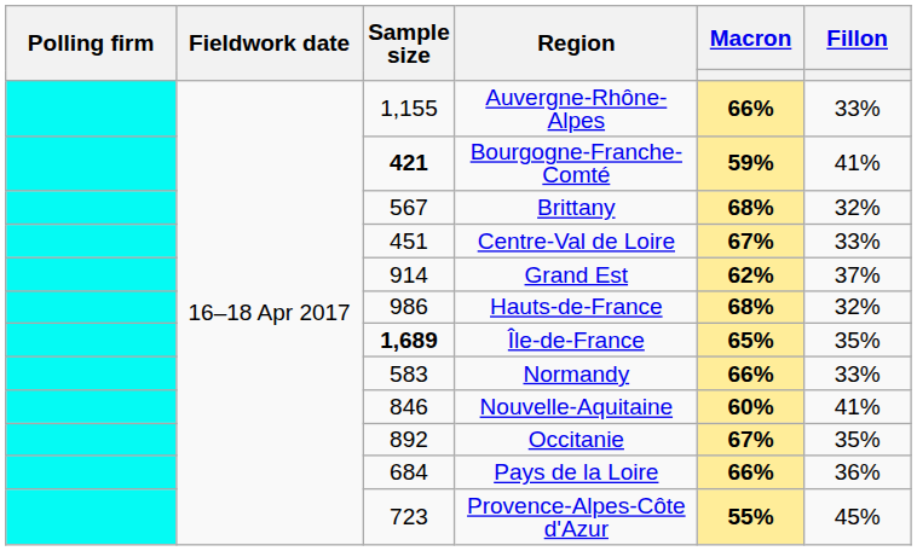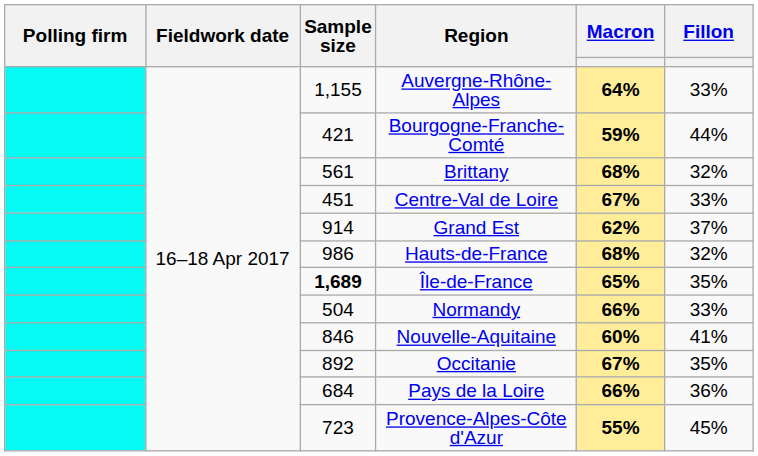 <table class="wikitable sortable" style="text-align:center;font-size:90%;line-height:14px;">
 <tr style="height:40px;">
 <th style="width:100px;" rowspan="2">Polling firm</th>
 <th style="width:110px;" rowspan="2">Fieldwork date</th>
 <th style="width:35px;" rowspan="2">Sample<br>size</th>
 <th style="width:145px;" rowspan="2">Region</th>
 <th class="unsortable" style="width:60px;"><a href='#'>Macron</a><br></th>
 <th class="unsortable" style="width:60px;"><a href='#'>Fillon</a><br></th>
 </tr>
 <tr>
 <th style="background:"></th>
 <th style="background:"></th>
 </tr>
 <tr>
 <td style="background:#04FBF4;"></td>
 <td rowspan="12" data-sort-value="2017-04-18">16–18 Apr 2017</td>
 <td>1,155</td>
 <td><a href='#'>Auvergne-Rhône-Alpes</a></td>
-<td style="background:#FFED99;"><strong>66%</strong></td>
+<td style="background:#FFED99;"><strong>64%</strong></td>
 <td>33%</td>
 </tr>
 <tr>
 <td style="background:#04FBF4;"></td>
-<td><strong>421</strong></td>
+<td>421</td>
 <td><a href='#'>Bourgogne-Franche-Comté</a></td>
 <td style="background:#FFED99;"><strong>59%</strong></td>
-<td>41%</td>
+<td>44%</td>
 </tr>
 <tr>
 <td style="background:#04FBF4;"></td>
-<td>567</td>
+<td>561</td>
 <td><a href='#'>Brittany</a></td>
 <td style="background:#FFED99;"><strong>68%</strong></td>
 <td>32%</td>
 </tr>
 <tr>
 <td style="background:#04FBF4;"></td>
 <td>451</td>
 <td><a href='#'>Centre-Val de Loire</a></td>
 <td style="background:#FFED99;"><strong>67%</strong></td>
 <td>33%</td>
 </tr>
 <tr>
 <td style="background:#04FBF4;"></td>
 <td>914</td>
 <td><a href='#'>Grand Est</a></td>
 <td style="background:#FFED99;"><strong>62%</strong></td>
 <td>37%</td>
 </tr>
 <tr>
 <td style="background:#04FBF4;"></td>
 <td>986</td>
 <td><a href='#'>Hauts-de-France</a></td>
 <td style="background:#FFED99;"><strong>68%</strong></td>
 <td>32%</td>
 </tr>
 <tr>
 <td style="background:#04FBF4;"></td>
 <td><strong>1,689</strong></td>
 <td><a href='#'>Île-de-France</a></td>
 <td style="background:#FFED99;"><strong>65%</strong></td>
 <td>35%</td>
 </tr>
 <tr>
 <td style="background:#04FBF4;"></td>
-<td>583</td>
+<td>504</td>
 <td><a href='#'>Normandy</a></td>
 <td style="background:#FFED99;"><strong>66%</strong></td>
 <td>33%</td>
 </tr>
 <tr>
 <td style="background:#04FBF4;"></td>
 <td>846</td>
 <td><a href='#'>Nouvelle-Aquitaine</a></td>
 <td style="background:#FFED99;"><strong>60%</strong></td>
 <td>41%</td>
 </tr>
 <tr>
 <td style="background:#04FBF4;"></td>
 <td>892</td>
 <td><a href='#'>Occitanie</a></td>
 <td style="background:#FFED99;"><strong>67%</strong></td>
 <td>35%</td>
 </tr>
 <tr>
 <td style="background:#04FBF4;"></td>
 <td>684</td>
 <td><a href='#'>Pays de la Loire</a></td>
 <td style="background:#FFED99;"><strong>66%</strong></td>
 <td>36%</td>
 </tr>
 <tr>
 <td style="background:#04FBF4;"></td>
 <td>723</td>
 <td><a href='#'>Provence-Alpes-Côte d'Azur</a></td>
 <td style="background:#FFED99;"><strong>55%</strong></td>
 <td>45%</td>
 </tr>
 </table>
